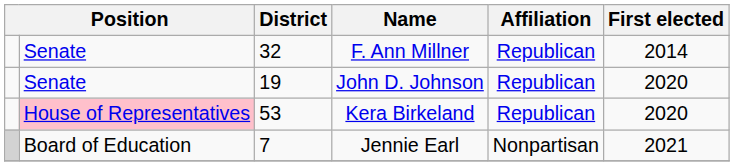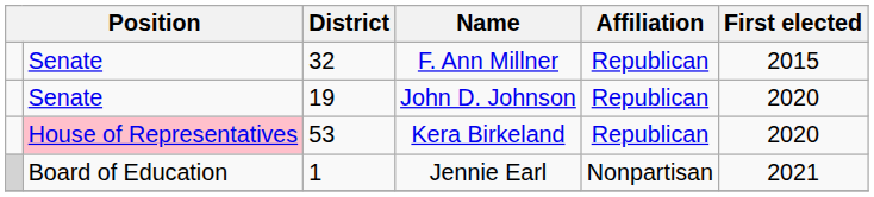 <table class="wikitable">
 <tr>
 <th colspan="2" style="text-align:center; vertical-align:bottom;">Position</th>
 <th>District</th>
 <th style="text-align:center;">Name</th>
 <th valign="bottom">Affiliation</th>
 <th style="vertical-align:bottom; text-align:center;">First elected</th>
 </tr>
 <tr>
 <td style="background-color:"> </td>
 <td><a href='#'>Senate</a></td>
 <td>32</td>
 <td style="text-align:center;"><a href='#'>F. Ann Millner</a></td>
 <td style="text-align:center;"><a href='#'>Republican</a></td>
-<td style="text-align:center;">2014</td>
+<td style="text-align:center;">2015</td>
 </tr>
 <tr>
 <td style="background-color:"> </td>
 <td><a href='#'>Senate</a></td>
 <td>19</td>
 <td style="text-align:center;"><a href='#'>John D. Johnson</a></td>
 <td style="text-align:center;"><a href='#'>Republican</a></td>
 <td style="text-align:center;">2020</td>
 </tr>
 <tr>
 <td style="background-color:"> </td>
 <td style="background: pink;"><a href='#'>House of Representatives</a></td>
 <td>53</td>
 <td style="text-align:center;"><a href='#'>Kera Birkeland</a></td>
 <td style="text-align:center;"><a href='#'>Republican</a></td>
 <td style="text-align:center;">2020</td>
 </tr>
 <tr>
 <td style="background-color:lightgrey"> </td>
 <td>Board of Education</td>
-<td>7</td>
+<td>1</td>
 <td style="text-align:center;">Jennie Earl</td>
 <td style="text-align:center;">Nonpartisan</td>
 <td style="text-align:center;">2021</td>
 </tr>
 <tr>
 </tr>
 </table>
